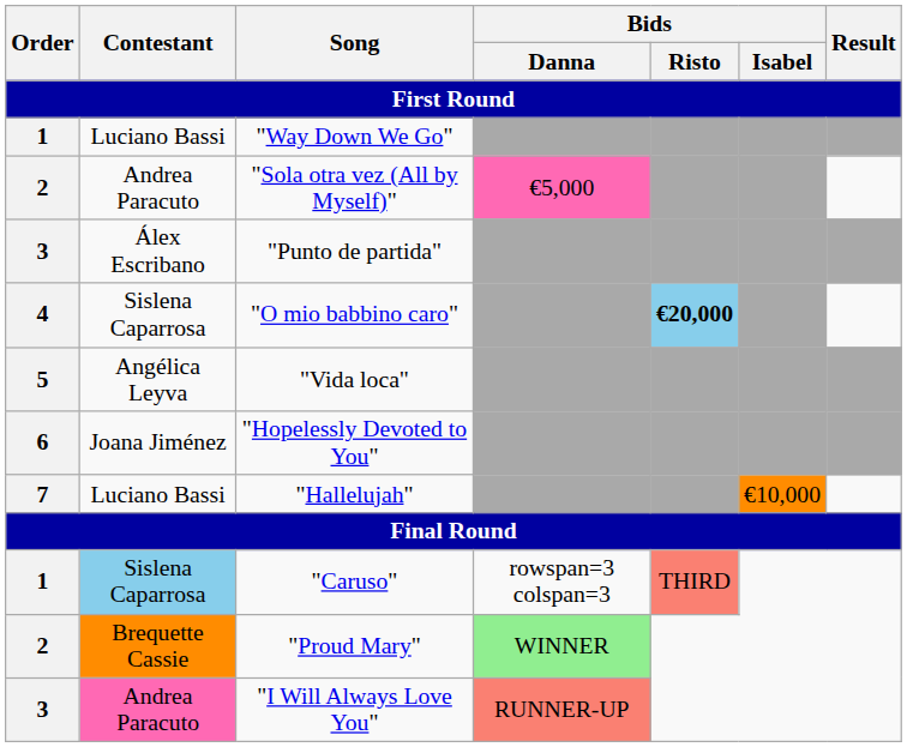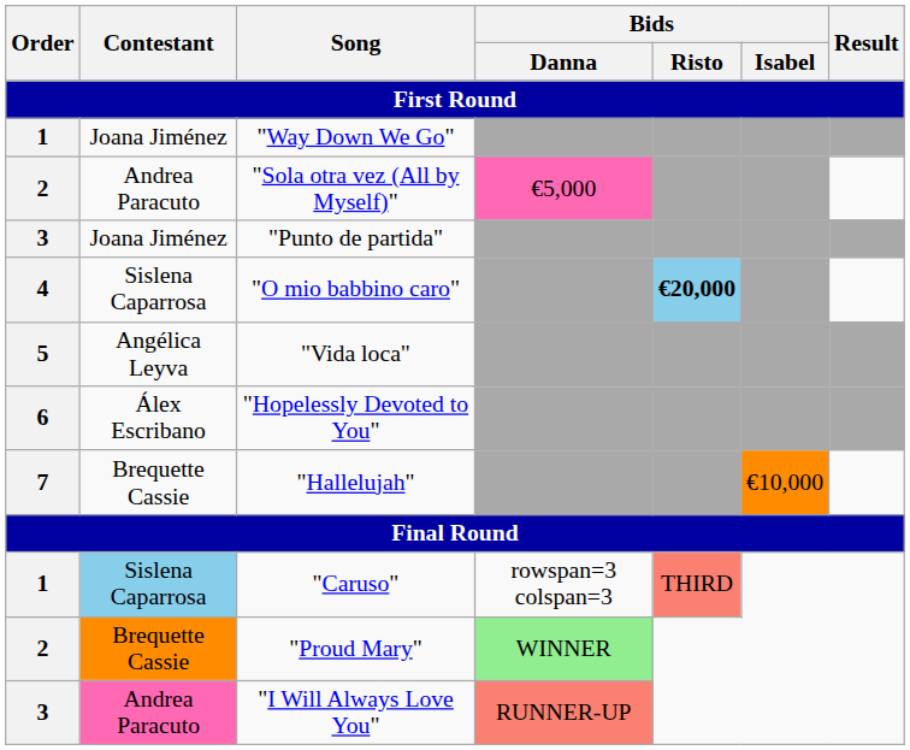 <table class=wikitable>
 <tr>
 <th rowspan=2>Order</th>
 <th rowspan=2>Contestant</th>
 <th rowspan=2>Song</th>
 <th colspan=3>Bids</th>
 <th rowspan=2>Result</th>
 </tr>
 <tr>
 <th>Danna</th>
 <th>Risto</th>
 <th>Isabel</th>
 </tr>
 <tr>
 <th scope="col" colspan="7" style="background:#0000A0; color:white;">First Round</th>
 </tr>
 <tr align=center>
 <th>1</th>
-<td>Luciano Bassi</td>
+<td>Joana Jiménez</td>
 <td>"<a href='#'>Way Down We Go</a>"</td>
 <td bgcolor=darkgrey></td>
 <td bgcolor=darkgrey></td>
 <td bgcolor=darkgrey></td>
 <td bgcolor=darkgrey></td>
 </tr>
 <tr align=center>
 <th>2</th>
 <td>Andrea Paracuto</td>
 <td>"<a href='#'>Sola otra vez (All by Myself)</a>"</td>
 <td bgcolor=#ff69b4>€5,000</td>
 <td bgcolor=darkgrey></td>
 <td bgcolor=darkgrey></td>
 <td></td>
 </tr>
 <tr align=center>
 <th>3</th>
-<td>Álex Escribano</td>
+<td>Joana Jiménez</td>
 <td>"Punto de partida"</td>
 <td bgcolor=darkgrey></td>
 <td bgcolor=darkgrey></td>
 <td bgcolor=darkgrey></td>
 <td bgcolor=darkgrey></td>
 </tr>
 <tr align=center>
 <th>4</th>
 <td>Sislena Caparrosa</td>
 <td>"<a href='#'>O mio babbino caro</a>"</td>
 <td bgcolor=darkgrey></td>
 <td bgcolor=SkyBlue><strong>€20,000</strong></td>
 <td bgcolor=darkgrey></td>
 <td></td>
 </tr>
 <tr align=center>
 <th>5</th>
 <td>Angélica Leyva</td>
 <td>"Vida loca"</td>
 <td bgcolor=darkgrey></td>
 <td bgcolor=darkgrey></td>
 <td bgcolor=darkgrey></td>
 <td bgcolor=darkgrey></td>
 </tr>
 <tr align=center>
 <th>6</th>
-<td>Joana Jiménez</td>
+<td>Álex Escribano</td>
 <td>"<a href='#'>Hopelessly Devoted to You</a>"</td>
 <td bgcolor=darkgrey></td>
 <td bgcolor=darkgrey></td>
 <td bgcolor=darkgrey></td>
 <td bgcolor=darkgrey></td>
 </tr>
 <tr align=center>
 <th>7</th>
-<td>Luciano Bassi</td>
+<td>Brequette Cassie</td>
 <td>"<a href='#'>Hallelujah</a>"</td>
 <td bgcolor=darkgrey></td>
 <td bgcolor=darkgrey></td>
 <td bgcolor=DarkOrange>€10,000</td>
 <td></td>
 </tr>
 <tr>
 <th scope="col" colspan="7" style="background:#0000A0; color:white;">Final Round</th>
 </tr>
 <tr align=center>
 <th>1</th>
 <td bgcolor=SkyBlue>Sislena Caparrosa</td>
 <td>"<a href='#'>Caruso</a>"</td>
 <td>rowspan=3 colspan=3 </td>
 <td bgcolor=salmon>THIRD</td>
 </tr>
 <tr align=center>
 <th>2</th>
 <td bgcolor=DarkOrange>Brequette Cassie</td>
 <td>"<a href='#'>Proud Mary</a>"</td>
 <td bgcolor=lightgreen>WINNER</td>
 </tr>
 <tr align=center>
 <th>3</th>
 <td bgcolor=#ff69b4>Andrea Paracuto</td>
 <td>"<a href='#'>I Will Always Love You</a>"</td>
 <td bgcolor=salmon>RUNNER-UP</td>
 </tr>
 </table>
